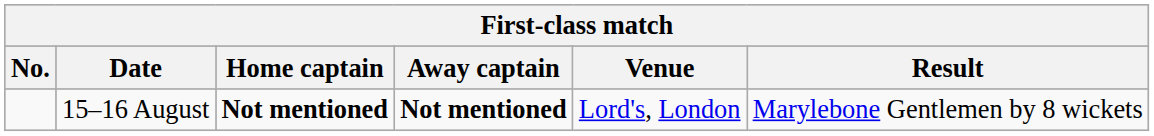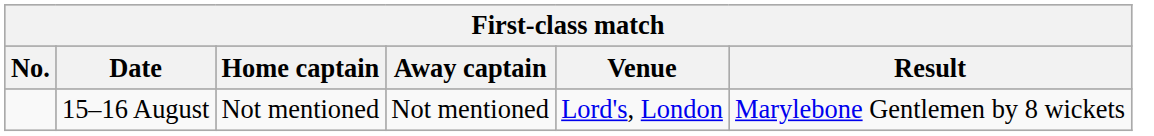 <table class="wikitable">
 <tr>
 <th colspan="9">First-class match</th>
 </tr>
 <tr>
 <th>No.</th>
 <th>Date</th>
 <th>Home captain</th>
 <th>Away captain</th>
 <th>Venue</th>
 <th>Result</th>
 </tr>
 <tr>
 <td></td>
 <td>15–16 August</td>
-<td><strong>Not mentioned</strong></td>
-<td><strong>Not mentioned</strong></td>
+<td>Not mentioned</td>
+<td>Not mentioned</td>
 <td><a href='#'>Lord's</a>, <a href='#'>London</a></td>
 <td><a href='#'>Marylebone</a> Gentlemen by 8 wickets</td>
 </tr>
 </table>
